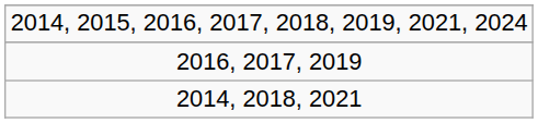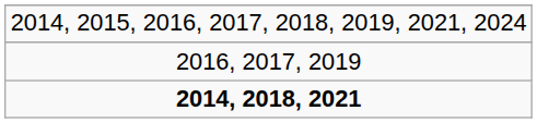 <table class="wikitable" style="text-align:center;">
 <tr>
 </tr>
 <tr>
 <td>2014, 2015, 2016, 2017, 2018, 2019, 2021, 2024</td>
 </tr>
 <tr>
 </tr>
 <tr>
 <td>2016, 2017, 2019<br></td>
 </tr>
 <tr>
-<td>2014, 2018, 2021</td>
+<td><strong>2014, 2018, 2021</strong></td>
 </tr>
 </table>
